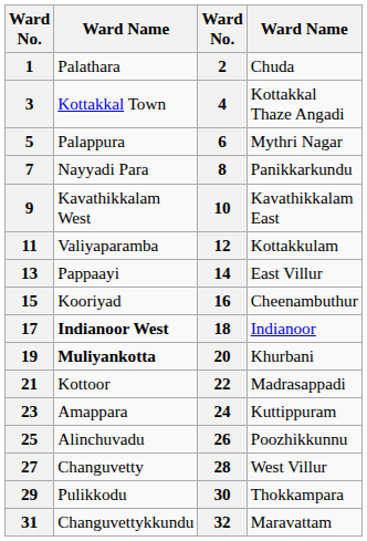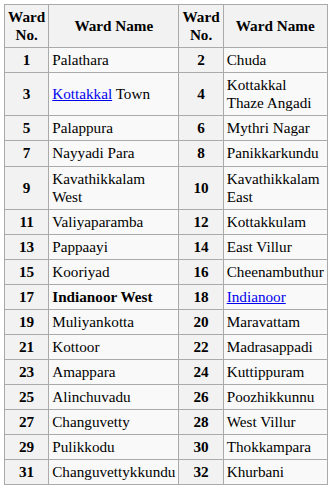 <table class="wikitable sortable" style="margin: 1em 1em 1em 0; background: #f9f9f9; font-size: 95%;">
 <tr>
 <th width="20px">Ward No.</th>
 <th width="75px">Ward Name</th>
 <th width="20px">Ward No.</th>
 <th width="75px">Ward Name</th>
 </tr>
 <tr>
 <th>1</th>
 <td>Palathara</td>
 <th>2</th>
 <td>Chuda</td>
 </tr>
 <tr>
 <th>3</th>
 <td><a href='#'>Kottakkal</a> Town</td>
 <th>4</th>
 <td>Kottakkal Thaze Angadi</td>
 </tr>
 <tr>
 <th>5</th>
 <td>Palappura</td>
 <th>6</th>
 <td>Mythri Nagar</td>
 </tr>
 <tr>
 <th>7</th>
 <td>Nayyadi Para</td>
 <th>8</th>
 <td>Panikkarkundu</td>
 </tr>
 <tr>
 <th>9</th>
 <td>Kavathikkalam West</td>
 <th>10</th>
 <td>Kavathikkalam East</td>
 </tr>
 <tr>
 <th>11</th>
 <td>Valiyaparamba</td>
 <th>12</th>
 <td>Kottakkulam</td>
 </tr>
 <tr>
 <th>13</th>
 <td>Pappaayi</td>
 <th>14</th>
 <td>East Villur</td>
 </tr>
 <tr>
 <th>15</th>
 <td>Kooriyad</td>
 <th>16</th>
 <td>Cheenambuthur</td>
 </tr>
 <tr>
 <th>17</th>
 <td><strong>Indianoor West</strong></td>
 <th>18</th>
 <td><a href='#'>Indianoor</a></td>
 </tr>
 <tr>
 <th>19</th>
-<td><strong>Muliyankotta</strong></td>
+<td>Muliyankotta</td>
 <th>20</th>
-<td>Khurbani</td>
+<td>Maravattam</td>
 </tr>
 <tr>
 <th>21</th>
 <td>Kottoor</td>
 <th>22</th>
 <td>Madrasappadi</td>
 </tr>
 <tr>
 <th>23</th>
 <td>Amappara</td>
 <th>24</th>
 <td>Kuttippuram</td>
 </tr>
 <tr>
 <th>25</th>
 <td>Alinchuvadu</td>
 <th>26</th>
 <td>Poozhikkunnu</td>
 </tr>
 <tr>
 <th>27</th>
 <td>Changuvetty</td>
 <th>28</th>
 <td>West Villur</td>
 </tr>
 <tr>
 <th>29</th>
 <td>Pulikkodu</td>
 <th>30</th>
 <td>Thokkampara</td>
 </tr>
 <tr>
 <th>31</th>
 <td>Changuvettykkundu</td>
 <th>32</th>
-<td>Maravattam</td>
+<td>Khurbani</td>
 </tr>
 </table>
